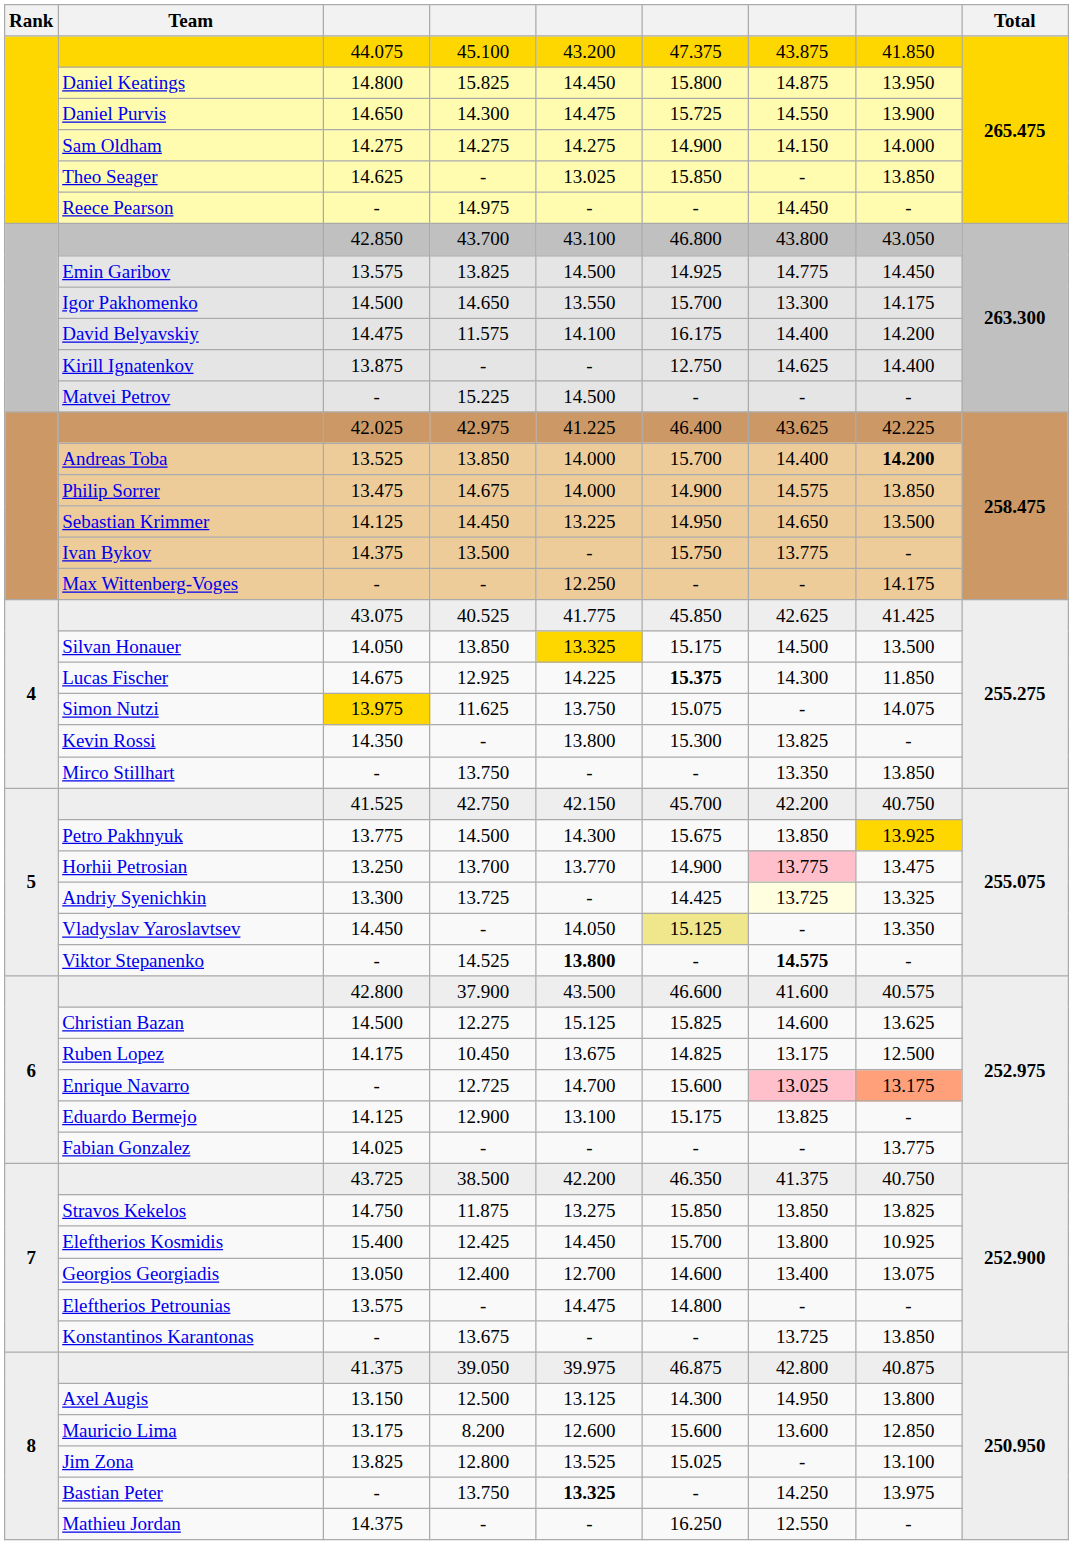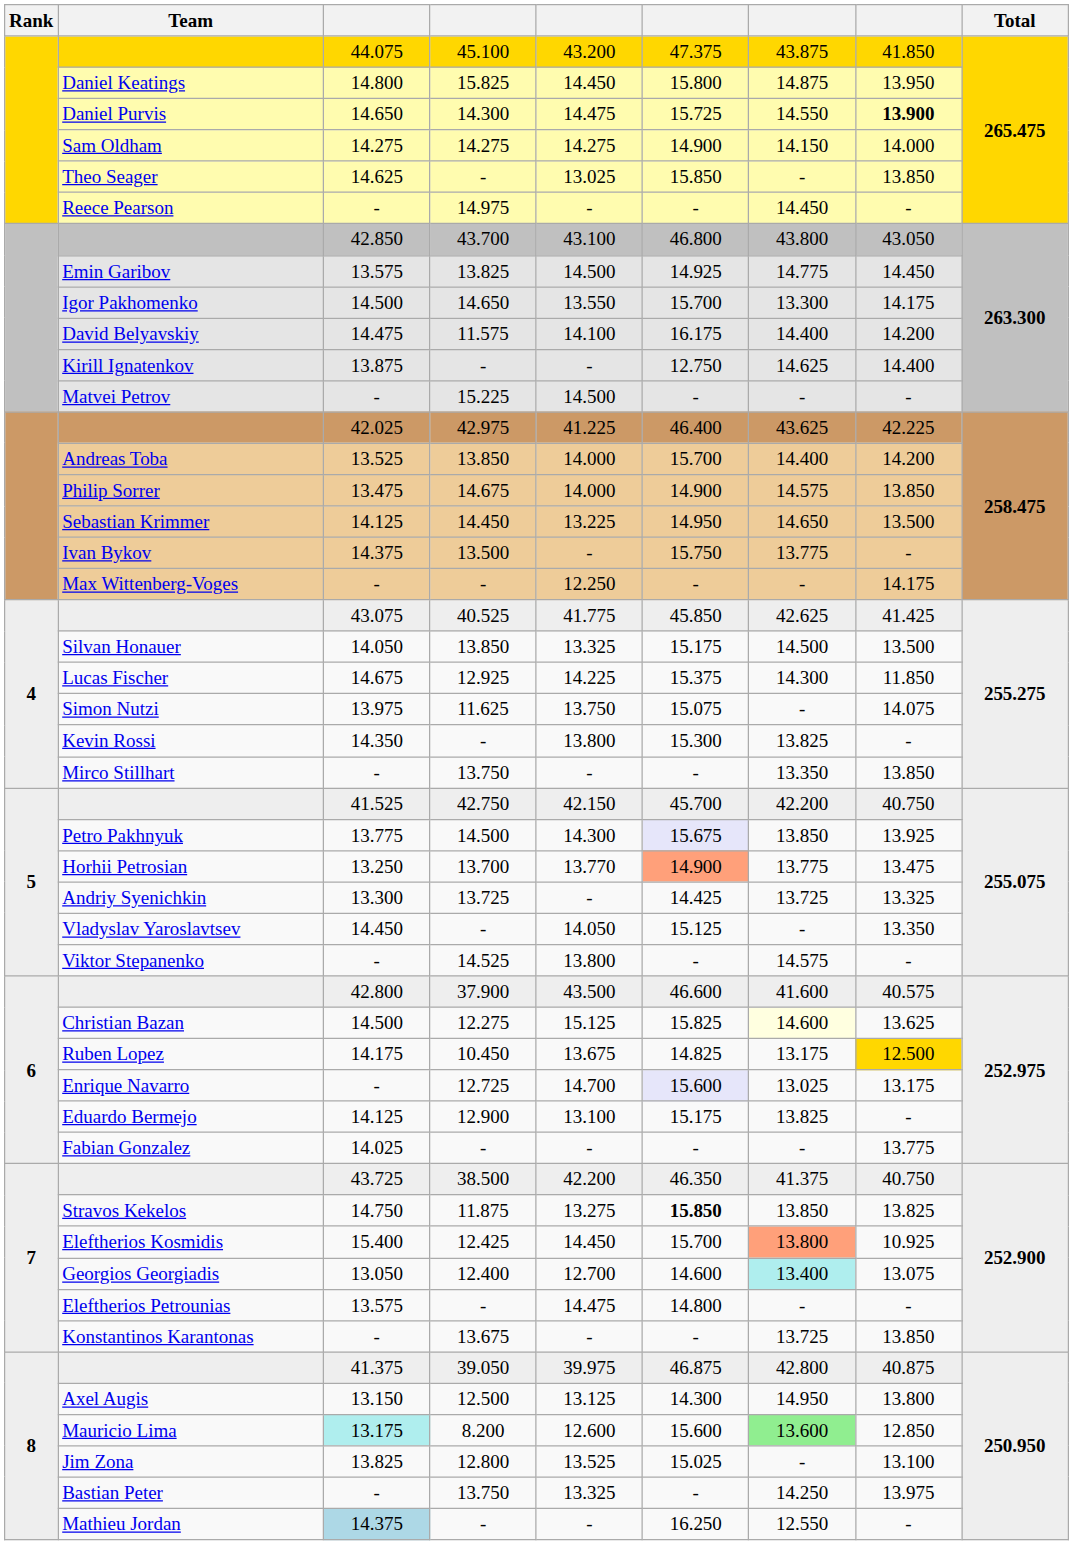 <table class="wikitable" style="text-align:center; font-size:95%">
 <tr>
 <th width="5%">Rank</th>
 <th width="25%">Team</th>
 <th width="10%"></th>
 <th width="10%"></th>
 <th width="10%"></th>
 <th width="10%"></th>
 <th width="10%"></th>
 <th width="10%"></th>
 <th width="10%">Total</th>
 </tr>
 <tr bgcolor=gold>
 <td rowspan=6></td>
 <td align="left"><strong></strong></td>
 <td>44.075</td>
 <td>45.100</td>
 <td>43.200</td>
 <td>47.375</td>
 <td>43.875</td>
 <td>41.850</td>
 <td rowspan=6><strong>265.475</strong></td>
 </tr>
 <tr bgcolor=fffcaf>
 <td align="left"><a href='#'>Daniel Keatings</a></td>
 <td>14.800</td>
 <td>15.825</td>
 <td>14.450</td>
 <td>15.800</td>
 <td>14.875</td>
 <td>13.950</td>
 </tr>
 <tr bgcolor=fffcaf>
 <td align="left"><a href='#'>Daniel Purvis</a></td>
 <td>14.650</td>
 <td>14.300</td>
 <td>14.475</td>
 <td>15.725</td>
 <td>14.550</td>
-<td>13.900</td>
+<td><strong>13.900</strong></td>
 </tr>
 <tr bgcolor=fffcaf>
 <td align="left"><a href='#'>Sam Oldham</a></td>
 <td>14.275</td>
 <td>14.275</td>
 <td>14.275</td>
 <td>14.900</td>
 <td>14.150</td>
 <td>14.000</td>
 </tr>
 <tr bgcolor=fffcaf>
 <td align="left"><a href='#'>Theo Seager</a></td>
 <td>14.625</td>
 <td>-</td>
 <td>13.025</td>
 <td>15.850</td>
 <td>-</td>
 <td>13.850</td>
 </tr>
 <tr bgcolor=fffcaf>
 <td align="left"><a href='#'>Reece Pearson</a></td>
 <td>-</td>
 <td>14.975</td>
 <td>-</td>
 <td>-</td>
 <td>14.450</td>
 <td>-</td>
 </tr>
 <tr bgcolor=silver>
 <td rowspan=6></td>
 <td align="left"><strong></strong></td>
 <td>42.850</td>
 <td>43.700</td>
 <td>43.100</td>
 <td>46.800</td>
 <td>43.800</td>
 <td>43.050</td>
 <td rowspan=6><strong>263.300</strong></td>
 </tr>
 <tr bgcolor=e5e5e5>
 <td align="left"><a href='#'>Emin Garibov</a></td>
 <td>13.575</td>
 <td>13.825</td>
 <td>14.500</td>
 <td>14.925</td>
 <td>14.775</td>
 <td>14.450</td>
 </tr>
 <tr bgcolor=e5e5e5>
 <td align="left"><a href='#'>Igor Pakhomenko</a></td>
 <td>14.500</td>
 <td>14.650</td>
 <td>13.550</td>
 <td>15.700</td>
 <td>13.300</td>
 <td>14.175</td>
 </tr>
 <tr bgcolor=e5e5e5>
 <td align="left"><a href='#'>David Belyavskiy</a></td>
 <td>14.475</td>
 <td>11.575</td>
 <td>14.100</td>
 <td>16.175</td>
 <td>14.400</td>
 <td>14.200</td>
 </tr>
 <tr bgcolor=e5e5e5>
 <td align="left"><a href='#'>Kirill Ignatenkov</a></td>
 <td>13.875</td>
 <td>-</td>
 <td>-</td>
 <td>12.750</td>
 <td>14.625</td>
 <td>14.400</td>
 </tr>
 <tr bgcolor=e5e5e5>
 <td align="left"><a href='#'>Matvei Petrov</a></td>
 <td>-</td>
 <td>15.225</td>
 <td>14.500</td>
 <td>-</td>
 <td>-</td>
 <td>-</td>
 </tr>
 <tr bgcolor=cc9966>
 <td rowspan=6></td>
 <td align="left"><strong></strong></td>
 <td>42.025</td>
 <td>42.975</td>
 <td>41.225</td>
 <td>46.400</td>
 <td>43.625</td>
 <td>42.225</td>
 <td rowspan=6><strong>258.475</strong></td>
 </tr>
 <tr bgcolor=eecc99>
 <td align="left"><a href='#'>Andreas Toba</a></td>
 <td>13.525</td>
 <td>13.850</td>
 <td>14.000</td>
 <td>15.700</td>
 <td>14.400</td>
-<td><strong>14.200</strong></td>
+<td>14.200</td>
 </tr>
 <tr bgcolor=eecc99>
 <td align="left"><a href='#'>Philip Sorrer</a></td>
 <td>13.475</td>
 <td>14.675</td>
 <td>14.000</td>
 <td>14.900</td>
 <td>14.575</td>
 <td>13.850</td>
 </tr>
 <tr bgcolor=eecc99>
 <td align="left"><a href='#'>Sebastian Krimmer</a></td>
 <td>14.125</td>
 <td>14.450</td>
 <td>13.225</td>
 <td>14.950</td>
 <td>14.650</td>
 <td>13.500</td>
 </tr>
 <tr bgcolor=eecc99>
 <td align="left"><a href='#'>Ivan Bykov</a></td>
 <td>14.375</td>
 <td>13.500</td>
 <td>-</td>
 <td>15.750</td>
 <td>13.775</td>
 <td>-</td>
 </tr>
 <tr bgcolor=eecc99>
 <td align="left"><a href='#'>Max Wittenberg-Voges</a></td>
 <td>-</td>
 <td>-</td>
 <td>12.250</td>
 <td>-</td>
 <td>-</td>
 <td>14.175</td>
 </tr>
 <tr bgcolor=eeeeee>
 <td rowspan=6><strong>4</strong></td>
 <td align="left"><strong></strong></td>
 <td>43.075</td>
 <td>40.525</td>
 <td>41.775</td>
 <td>45.850</td>
 <td>42.625</td>
 <td>41.425</td>
 <td rowspan=6><strong>255.275</strong></td>
 </tr>
 <tr>
 <td align="left"><a href='#'>Silvan Honauer</a></td>
 <td>14.050</td>
 <td>13.850</td>
-<td style="background: gold;">13.325</td>
+<td>13.325</td>
 <td>15.175</td>
 <td>14.500</td>
 <td>13.500</td>
 </tr>
 <tr>
 <td align="left"><a href='#'>Lucas Fischer</a></td>
 <td>14.675</td>
 <td>12.925</td>
 <td>14.225</td>
-<td><strong>15.375</strong></td>
+<td>15.375</td>
 <td>14.300</td>
 <td>11.850</td>
 </tr>
 <tr>
 <td align="left"><a href='#'>Simon Nutzi</a></td>
-<td style="background: gold;">13.975</td>
+<td>13.975</td>
 <td>11.625</td>
 <td>13.750</td>
 <td>15.075</td>
 <td>-</td>
 <td>14.075</td>
 </tr>
 <tr>
 <td align="left"><a href='#'>Kevin Rossi</a></td>
 <td>14.350</td>
 <td>-</td>
 <td>13.800</td>
 <td>15.300</td>
 <td>13.825</td>
 <td>-</td>
 </tr>
 <tr>
 <td align="left"><a href='#'>Mirco Stillhart</a></td>
 <td>-</td>
 <td>13.750</td>
 <td>-</td>
 <td>-</td>
 <td>13.350</td>
 <td>13.850</td>
 </tr>
 <tr bgcolor=eeeeee>
 <td rowspan=6><strong>5</strong></td>
 <td align="left"><strong></strong></td>
 <td>41.525</td>
 <td>42.750</td>
 <td>42.150</td>
 <td>45.700</td>
 <td>42.200</td>
 <td>40.750</td>
 <td rowspan=6><strong>255.075</strong></td>
 </tr>
 <tr>
 <td align="left"><a href='#'>Petro Pakhnyuk</a></td>
 <td>13.775</td>
 <td>14.500</td>
 <td>14.300</td>
-<td>15.675</td>
+<td style="background: lavender;">15.675</td>
 <td>13.850</td>
-<td style="background: gold;">13.925</td>
+<td>13.925</td>
 </tr>
 <tr>
 <td align="left"><a href='#'>Horhii Petrosian</a></td>
 <td>13.250</td>
 <td>13.700</td>
 <td>13.770</td>
-<td>14.900</td>
-<td style="background: pink;">13.775</td>
+<td style="background: lightsalmon;">14.900</td>
+<td>13.775</td>
 <td>13.475</td>
 </tr>
 <tr>
 <td align="left"><a href='#'>Andriy Syenichkin</a></td>
 <td>13.300</td>
 <td>13.725</td>
 <td>-</td>
 <td>14.425</td>
-<td style="background: lightyellow;">13.725</td>
+<td>13.725</td>
 <td>13.325</td>
 </tr>
 <tr>
 <td align="left"><a href='#'>Vladyslav Yaroslavtsev</a></td>
 <td>14.450</td>
 <td>-</td>
 <td>14.050</td>
-<td style="background: khaki;">15.125</td>
+<td>15.125</td>
 <td>-</td>
 <td>13.350</td>
 </tr>
 <tr>
 <td align="left"><a href='#'>Viktor Stepanenko</a></td>
 <td>-</td>
 <td>14.525</td>
-<td><strong>13.800</strong></td>
+<td>13.800</td>
 <td>-</td>
-<td><strong>14.575</strong></td>
+<td>14.575</td>
 <td>-</td>
 </tr>
 <tr bgcolor=eeeeee>
 <td rowspan=6><strong>6</strong></td>
 <td align="left"><strong></strong></td>
 <td>42.800</td>
 <td>37.900</td>
 <td>43.500</td>
 <td>46.600</td>
 <td>41.600</td>
 <td>40.575</td>
 <td rowspan=6><strong>252.975</strong></td>
 </tr>
 <tr>
 <td align="left"><a href='#'>Christian Bazan</a></td>
 <td>14.500</td>
 <td>12.275</td>
 <td>15.125</td>
 <td>15.825</td>
-<td>14.600</td>
+<td style="background: lightyellow;">14.600</td>
 <td>13.625</td>
 </tr>
 <tr>
 <td align="left"><a href='#'>Ruben Lopez</a></td>
 <td>14.175</td>
 <td>10.450</td>
 <td>13.675</td>
 <td>14.825</td>
 <td>13.175</td>
-<td>12.500</td>
+<td style="background: gold;">12.500</td>
 </tr>
 <tr>
 <td align="left"><a href='#'>Enrique Navarro</a></td>
 <td>-</td>
 <td>12.725</td>
 <td>14.700</td>
-<td>15.600</td>
-<td style="background: pink;">13.025</td>
-<td style="background: lightsalmon;">13.175</td>
+<td style="background: lavender;">15.600</td>
+<td>13.025</td>
+<td>13.175</td>
 </tr>
 <tr>
 <td align="left"><a href='#'>Eduardo Bermejo</a></td>
 <td>14.125</td>
 <td>12.900</td>
 <td>13.100</td>
 <td>15.175</td>
 <td>13.825</td>
 <td>-</td>
 </tr>
 <tr>
 <td align="left"><a href='#'>Fabian Gonzalez</a></td>
 <td>14.025</td>
 <td>-</td>
 <td>-</td>
 <td>-</td>
 <td>-</td>
 <td>13.775</td>
 </tr>
 <tr bgcolor=eeeeee>
 <td rowspan=6><strong>7</strong></td>
 <td align="left"><strong></strong></td>
 <td>43.725</td>
 <td>38.500</td>
 <td>42.200</td>
 <td>46.350</td>
 <td>41.375</td>
 <td>40.750</td>
 <td rowspan=6><strong>252.900</strong></td>
 </tr>
 <tr>
 <td align="left"><a href='#'>Stravos Kekelos</a></td>
 <td>14.750</td>
 <td>11.875</td>
 <td>13.275</td>
-<td>15.850</td>
+<td><strong>15.850</strong></td>
 <td>13.850</td>
 <td>13.825</td>
 </tr>
 <tr>
 <td align="left"><a href='#'>Eleftherios Kosmidis</a></td>
 <td>15.400</td>
 <td>12.425</td>
 <td>14.450</td>
 <td>15.700</td>
-<td>13.800</td>
+<td style="background: lightsalmon;">13.800</td>
 <td>10.925</td>
 </tr>
 <tr>
 <td align="left"><a href='#'>Georgios Georgiadis</a></td>
 <td>13.050</td>
 <td>12.400</td>
 <td>12.700</td>
 <td>14.600</td>
-<td>13.400</td>
+<td style="background: paleturquoise;">13.400</td>
 <td>13.075</td>
 </tr>
 <tr>
 <td align="left"><a href='#'>Eleftherios Petrounias</a></td>
 <td>13.575</td>
 <td>-</td>
 <td>14.475</td>
 <td>14.800</td>
 <td>-</td>
 <td>-</td>
 </tr>
 <tr>
 <td align="left"><a href='#'>Konstantinos Karantonas</a></td>
 <td>-</td>
 <td>13.675</td>
 <td>-</td>
 <td>-</td>
 <td>13.725</td>
 <td>13.850</td>
 </tr>
 <tr bgcolor=eeeeee>
 <td rowspan=6><strong>8</strong></td>
 <td align="left"><strong></strong></td>
 <td>41.375</td>
 <td>39.050</td>
 <td>39.975</td>
 <td>46.875</td>
 <td>42.800</td>
 <td>40.875</td>
 <td rowspan=6><strong>250.950</strong></td>
 </tr>
 <tr>
 <td align="left"><a href='#'>Axel Augis</a></td>
 <td>13.150</td>
 <td>12.500</td>
 <td>13.125</td>
 <td>14.300</td>
 <td>14.950</td>
 <td>13.800</td>
 </tr>
 <tr>
 <td align="left"><a href='#'>Mauricio Lima</a></td>
-<td>13.175</td>
+<td style="background: paleturquoise;">13.175</td>
 <td>8.200</td>
 <td>12.600</td>
 <td>15.600</td>
-<td>13.600</td>
+<td style="background: lightgreen;">13.600</td>
 <td>12.850</td>
 </tr>
 <tr>
 <td align="left"><a href='#'>Jim Zona</a></td>
 <td>13.825</td>
 <td>12.800</td>
 <td>13.525</td>
 <td>15.025</td>
 <td>-</td>
 <td>13.100</td>
 </tr>
 <tr>
 <td align="left"><a href='#'>Bastian Peter</a></td>
 <td>-</td>
 <td>13.750</td>
-<td><strong>13.325</strong></td>
+<td>13.325</td>
 <td>-</td>
 <td>14.250</td>
 <td>13.975</td>
 </tr>
 <tr>
 <td align="left"><a href='#'>Mathieu Jordan</a></td>
-<td>14.375</td>
+<td style="background: lightblue;">14.375</td>
 <td>-</td>
 <td>-</td>
 <td>16.250</td>
 <td>12.550</td>
 <td>-</td>
 </tr>
 </table>
